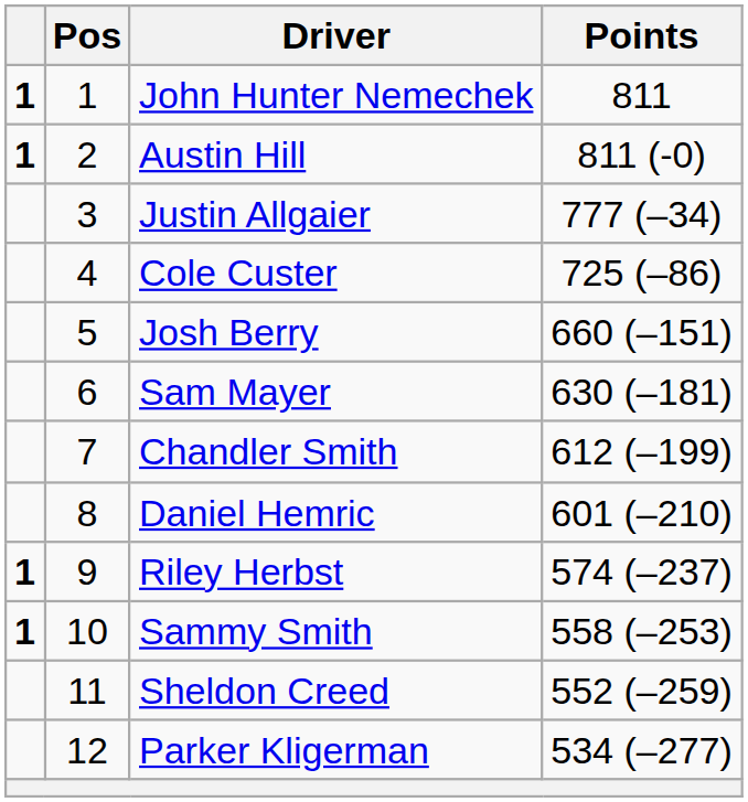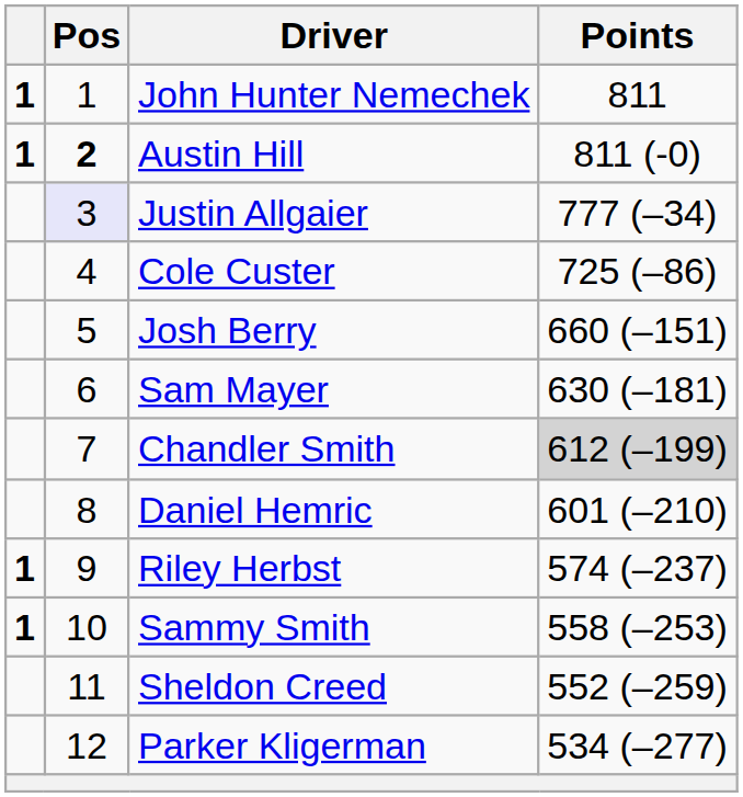 <table class="wikitable" style="font-size: 95%;">
 <tr>
 <th></th>
 <th>Pos</th>
 <th>Driver</th>
 <th>Points</th>
 </tr>
 <tr>
 <td align="left"> <strong>1</strong></td>
 <td style="text-align:center;">1</td>
 <td><a href='#'>John Hunter Nemechek</a></td>
 <td style="text-align:center;">811</td>
 </tr>
 <tr>
 <td align="left"> <strong>1</strong></td>
-<td style="text-align:center;">2</td>
+<td style="text-align:center;"><strong>2</strong></td>
 <td><a href='#'>Austin Hill</a></td>
 <td style="text-align:center;">811 (-0)</td>
 </tr>
 <tr>
 <td align="left"></td>
-<td style="text-align:center;">3</td>
+<td style="background: lavender; text-align:center;">3</td>
 <td><a href='#'>Justin Allgaier</a></td>
 <td style="text-align:center;">777 (–34)</td>
 </tr>
 <tr>
 <td align="left"></td>
 <td style="text-align:center;">4</td>
 <td><a href='#'>Cole Custer</a></td>
 <td style="text-align:center;">725 (–86)</td>
 </tr>
 <tr>
 <td align="left"></td>
 <td style="text-align:center;">5</td>
 <td><a href='#'>Josh Berry</a></td>
 <td style="text-align:center;">660 (–151)</td>
 </tr>
 <tr>
 <td align="left"></td>
 <td style="text-align:center;">6</td>
 <td><a href='#'>Sam Mayer</a></td>
 <td style="text-align:center;">630 (–181)</td>
 </tr>
 <tr>
 <td align="left"></td>
 <td style="text-align:center;">7</td>
 <td><a href='#'>Chandler Smith</a></td>
-<td style="text-align:center;">612 (–199)</td>
+<td style="background: lightgrey; text-align:center;">612 (–199)</td>
 </tr>
 <tr>
 <td align="left"></td>
 <td style="text-align:center;">8</td>
 <td><a href='#'>Daniel Hemric</a></td>
 <td style="text-align:center;">601 (–210)</td>
 </tr>
 <tr>
 <td align="left"> <strong>1</strong></td>
 <td style="text-align:center;">9</td>
 <td><a href='#'>Riley Herbst</a></td>
 <td style="text-align:center;">574 (–237)</td>
 </tr>
 <tr>
 <td align="left"> <strong>1</strong></td>
 <td style="text-align:center;">10</td>
 <td><a href='#'>Sammy Smith</a></td>
 <td style="text-align:center;">558 (–253)</td>
 </tr>
 <tr>
 <td align="left"></td>
 <td style="text-align:center;">11</td>
 <td><a href='#'>Sheldon Creed</a></td>
 <td style="text-align:center;">552 (–259)</td>
 </tr>
 <tr>
 <td align="left"></td>
 <td style="text-align:center;">12</td>
 <td><a href='#'>Parker Kligerman</a></td>
 <td style="text-align:center;">534 (–277)</td>
 </tr>
 <tr class="sortbottom">
 <th colspan="9"></th>
 </tr>
 </table>
